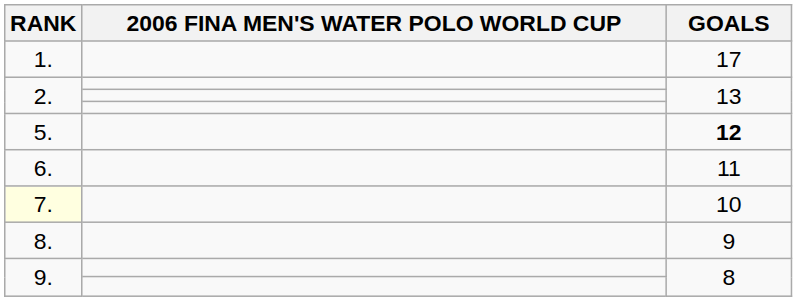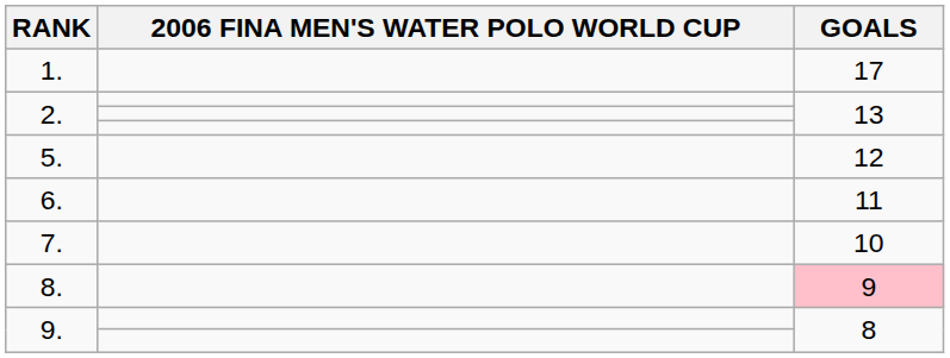 <table class="wikitable" style="font-size:95%;">
 <tr>
 <th>RANK</th>
 <th align="left" style="width: 25em">2006 FINA MEN'S WATER POLO WORLD CUP</th>
 <th align="left" style="width: 5em">GOALS</th>
 </tr>
 <tr>
 <td align="center">1.</td>
 <td></td>
 <td align="center">17</td>
 </tr>
 <tr>
 <td rowspan=3 align="center">2.</td>
 <td></td>
 <td rowspan=3 align="center">13</td>
 </tr>
 <tr>
 <td></td>
 </tr>
 <tr>
 <td></td>
 </tr>
 <tr>
 <td align="center">5.</td>
 <td></td>
-<td align="center"><strong>12</strong></td>
+<td align="center">12</td>
 </tr>
 <tr>
 <td align="center">6.</td>
 <td></td>
 <td align="center">11</td>
 </tr>
 <tr>
-<td align="center" style="background: lightyellow;">7.</td>
+<td align="center">7.</td>
 <td></td>
 <td align="center">10</td>
 </tr>
 <tr>
 <td align="center">8.</td>
 <td></td>
-<td align="center">9</td>
+<td align="center" style="background: pink;">9</td>
 </tr>
 <tr>
 <td rowspan=2 align="center">9.</td>
 <td></td>
 <td rowspan=2 align="center">8</td>
 </tr>
 <tr>
 <td></td>
 </tr>
 </table>
